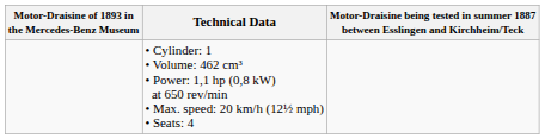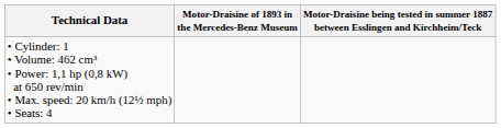 <table class="wikitable">
 <tr>
+<th>Technical Data</th>
 <th><small>Motor-Draisine of 1893 in<br>the Mercedes-Benz Museum</small></th>
-<th>Technical Data</th>
 <th><small>Motor-Draisine being tested in summer 1887<br>between Esslingen and Kirchheim/Teck</small></th>
 </tr>
 <tr>
+<td>• Cylinder: 1<br>• Volume: 462 cm³<br>• Power: 1,1 hp (0,8 kW)<br>  at 650 rev/min<br>• Max. speed: 20 km/h (12½ mph)<br>• Seats: 4</td>
 <td></td>
-<td>• Cylinder: 1<br>• Volume: 462 cm³<br>• Power: 1,1 hp (0,8 kW)<br>  at 650 rev/min<br>• Max. speed: 20 km/h (12½ mph)<br>• Seats: 4</td>
 <td></td>
 </tr>
 </table>
